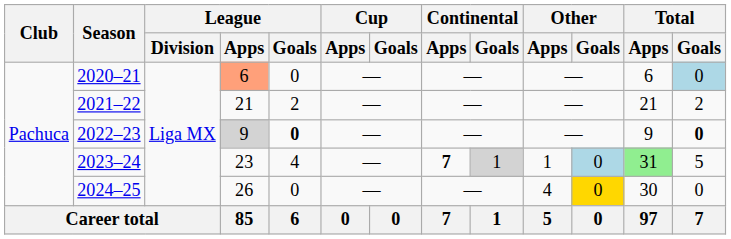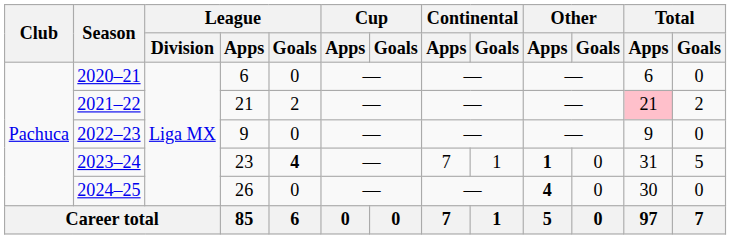 <table class="wikitable" style="text-align: center">
 <tr>
 <th rowspan="2">Club</th>
 <th rowspan="2">Season</th>
 <th colspan="3">League</th>
 <th colspan="2">Cup</th>
 <th colspan="2">Continental</th>
 <th colspan="2">Other</th>
 <th colspan="2">Total</th>
 </tr>
 <tr>
 <th>Division</th>
 <th>Apps</th>
 <th>Goals</th>
 <th>Apps</th>
 <th>Goals</th>
 <th>Apps</th>
 <th>Goals</th>
 <th>Apps</th>
 <th>Goals</th>
 <th>Apps</th>
 <th>Goals</th>
 </tr>
 <tr>
 <td rowspan="5"><a href='#'>Pachuca</a></td>
 <td><a href='#'>2020–21</a></td>
 <td rowspan="5"><a href='#'>Liga MX</a></td>
-<td style="background: lightsalmon;">6</td>
+<td>6</td>
 <td>0</td>
 <td colspan="2">—</td>
 <td colspan="2">—</td>
 <td colspan="2">—</td>
 <td>6</td>
-<td style="background: lightblue;">0</td>
+<td>0</td>
 </tr>
 <tr>
 <td><a href='#'>2021–22</a></td>
 <td>21</td>
 <td>2</td>
 <td colspan="2">—</td>
 <td colspan="2">—</td>
 <td colspan="2">—</td>
-<td>21</td>
+<td style="background: pink;">21</td>
 <td>2</td>
 </tr>
 <tr>
 <td><a href='#'>2022–23</a></td>
-<td style="background: lightgrey;">9</td>
-<td><strong>0</strong></td>
+<td>9</td>
+<td>0</td>
 <td colspan="2">—</td>
 <td colspan="2">—</td>
 <td colspan="2">—</td>
 <td>9</td>
-<td><strong>0</strong></td>
+<td>0</td>
 </tr>
 <tr>
 <td><a href='#'>2023–24</a></td>
 <td>23</td>
-<td>4</td>
+<td><strong>4</strong></td>
 <td colspan="2">—</td>
-<td><strong>7</strong></td>
-<td style="background: lightgrey;">1</td>
+<td>7</td>
 <td>1</td>
-<td style="background: lightblue;">0</td>
-<td style="background: lightgreen;">31</td>
+<td><strong>1</strong></td>
+<td>0</td>
+<td>31</td>
 <td>5</td>
 </tr>
 <tr>
 <td><a href='#'>2024–25</a></td>
 <td>26</td>
 <td>0</td>
 <td colspan="2">—</td>
 <td colspan="2">—</td>
-<td>4</td>
-<td style="background: gold;">0</td>
+<td><strong>4</strong></td>
+<td>0</td>
 <td>30</td>
 <td>0</td>
 </tr>
 <tr>
 <th colspan="3">Career total</th>
 <th>85</th>
 <th>6</th>
 <th>0</th>
 <th>0</th>
 <th>7</th>
 <th>1</th>
 <th>5</th>
 <th>0</th>
 <th>97</th>
 <th>7</th>
 </tr>
 </table>
